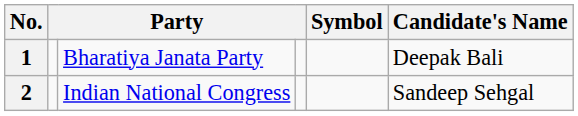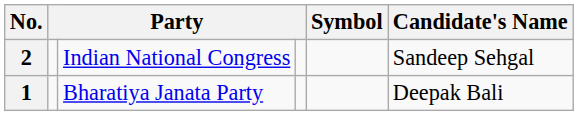 <table class="wikitable sortable">
 <tr>
 <th>No.</th>
 <th colspan="3">Party</th>
 <th>Symbol</th>
 <th>Candidate's Name</th>
+</tr>
+<tr>
+<th>2</th>
+<td style="background:"></td>
+<td><a href='#'>Indian National Congress</a></td>
+<td></td>
+<td></td>
+<td>Sandeep Sehgal</td>
 </tr>
 <tr>
 <th>1</th>
 <td style="background:"></td>
 <td><a href='#'>Bharatiya Janata Party</a></td>
 <td></td>
 <td></td>
 <td>Deepak Bali</td>
 </tr>
-<tr>
-<th>2</th>
-<td style="background:"></td>
-<td><a href='#'>Indian National Congress</a></td>
-<td></td>
-<td></td>
-<td>Sandeep Sehgal</td>
-</tr>
 </table>
